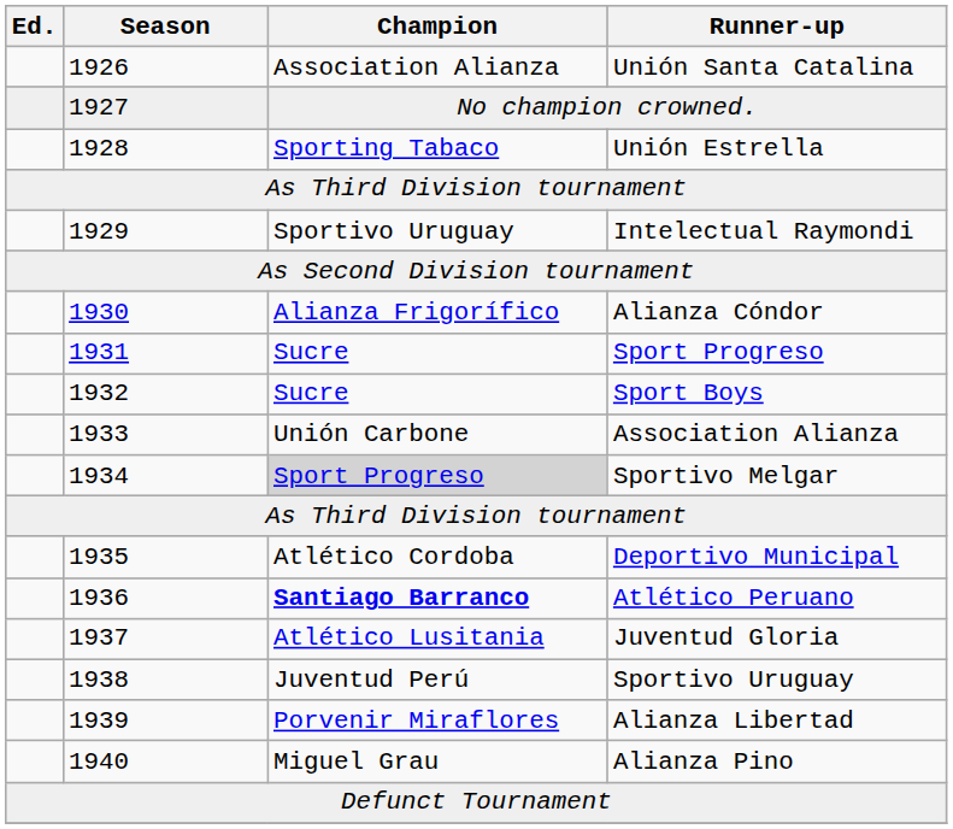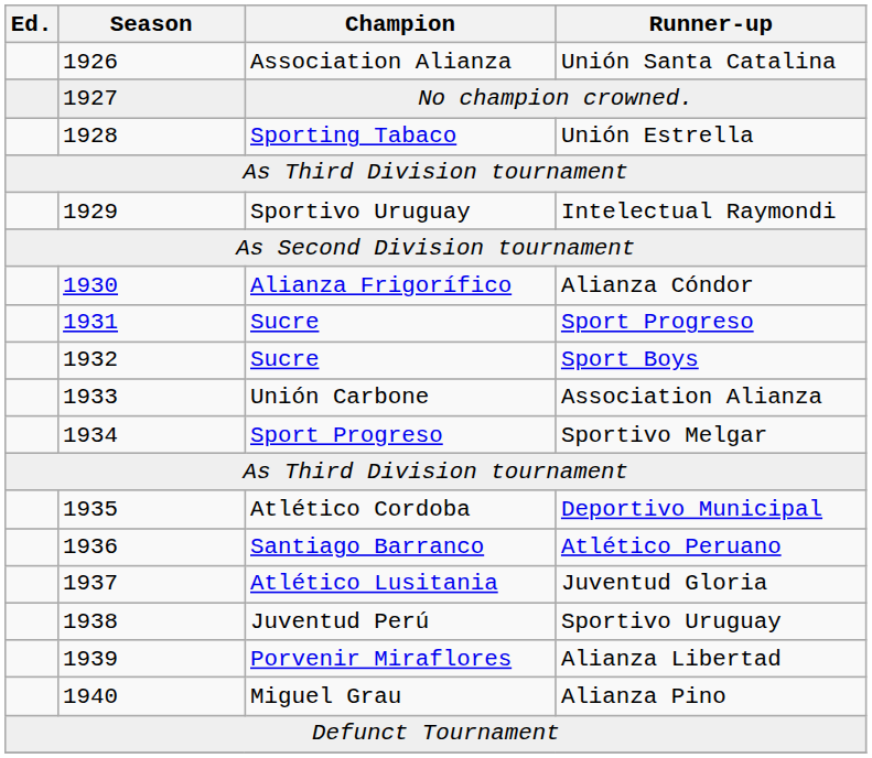 <table class="wikitable sortable">
 <tr>
 <th width=px>Ed.</th>
 <th width="100">Season</th>
 <th width="170">Champion</th>
 <th width="170">Runner-up</th>
 </tr>
 <tr>
 <td></td>
 <td>1926</td>
 <td>Association Alianza</td>
 <td>Unión Santa Catalina</td>
 </tr>
 <tr bgcolor=#efefef>
 <td></td>
 <td>1927</td>
 <td colspan="2" style="text-align:center;"><em>No champion crowned.</em></td>
 </tr>
 <tr>
 <td></td>
 <td>1928</td>
 <td><a href='#'>Sporting Tabaco</a></td>
 <td>Unión Estrella</td>
 </tr>
 <tr bgcolor=#efefef>
 <td colspan="4" align=center><em>As Third Division tournament</em></td>
 </tr>
 <tr>
 <td></td>
 <td>1929</td>
 <td>Sportivo Uruguay</td>
 <td>Intelectual Raymondi</td>
 </tr>
 <tr bgcolor=#efefef>
 <td colspan="4" align=center><em>As Second Division tournament</em></td>
 </tr>
 <tr>
 <td></td>
 <td><a href='#'>1930</a></td>
 <td><a href='#'>Alianza Frigorífico</a></td>
 <td>Alianza Cóndor</td>
 </tr>
 <tr>
 <td></td>
 <td><a href='#'>1931</a></td>
 <td><a href='#'>Sucre</a></td>
 <td><a href='#'>Sport Progreso</a></td>
 </tr>
 <tr>
 <td></td>
 <td>1932</td>
 <td><a href='#'>Sucre</a></td>
 <td><a href='#'>Sport Boys</a></td>
 </tr>
 <tr>
 <td></td>
 <td>1933</td>
 <td>Unión Carbone</td>
 <td>Association Alianza</td>
 </tr>
 <tr>
 <td></td>
 <td>1934</td>
-<td style="background: lightgrey;"><a href='#'>Sport Progreso</a></td>
+<td><a href='#'>Sport Progreso</a></td>
 <td>Sportivo Melgar</td>
 </tr>
 <tr bgcolor=#efefef>
 <td colspan="4" align=center><em>As Third Division tournament</em></td>
 </tr>
 <tr>
 <td></td>
 <td>1935</td>
 <td>Atlético Cordoba</td>
 <td><a href='#'>Deportivo Municipal</a></td>
 </tr>
 <tr>
 <td></td>
 <td>1936</td>
-<td><strong><a href='#'>Santiago Barranco</a></strong></td>
+<td><a href='#'>Santiago Barranco</a></td>
 <td><a href='#'>Atlético Peruano</a></td>
 </tr>
 <tr>
 <td></td>
 <td>1937</td>
 <td><a href='#'>Atlético Lusitania</a></td>
 <td>Juventud Gloria</td>
 </tr>
 <tr>
 <td></td>
 <td>1938</td>
 <td>Juventud Perú</td>
 <td>Sportivo Uruguay</td>
 </tr>
 <tr>
 <td></td>
 <td>1939</td>
 <td><a href='#'>Porvenir Miraflores</a></td>
 <td>Alianza Libertad</td>
 </tr>
 <tr>
 <td></td>
 <td>1940</td>
 <td>Miguel Grau</td>
 <td>Alianza Pino</td>
 </tr>
 <tr bgcolor=#efefef>
 <td colspan="4" style="text-align:center;"><em>Defunct Tournament</em></td>
 </tr>
 <tr>
 </tr>
 </table>
